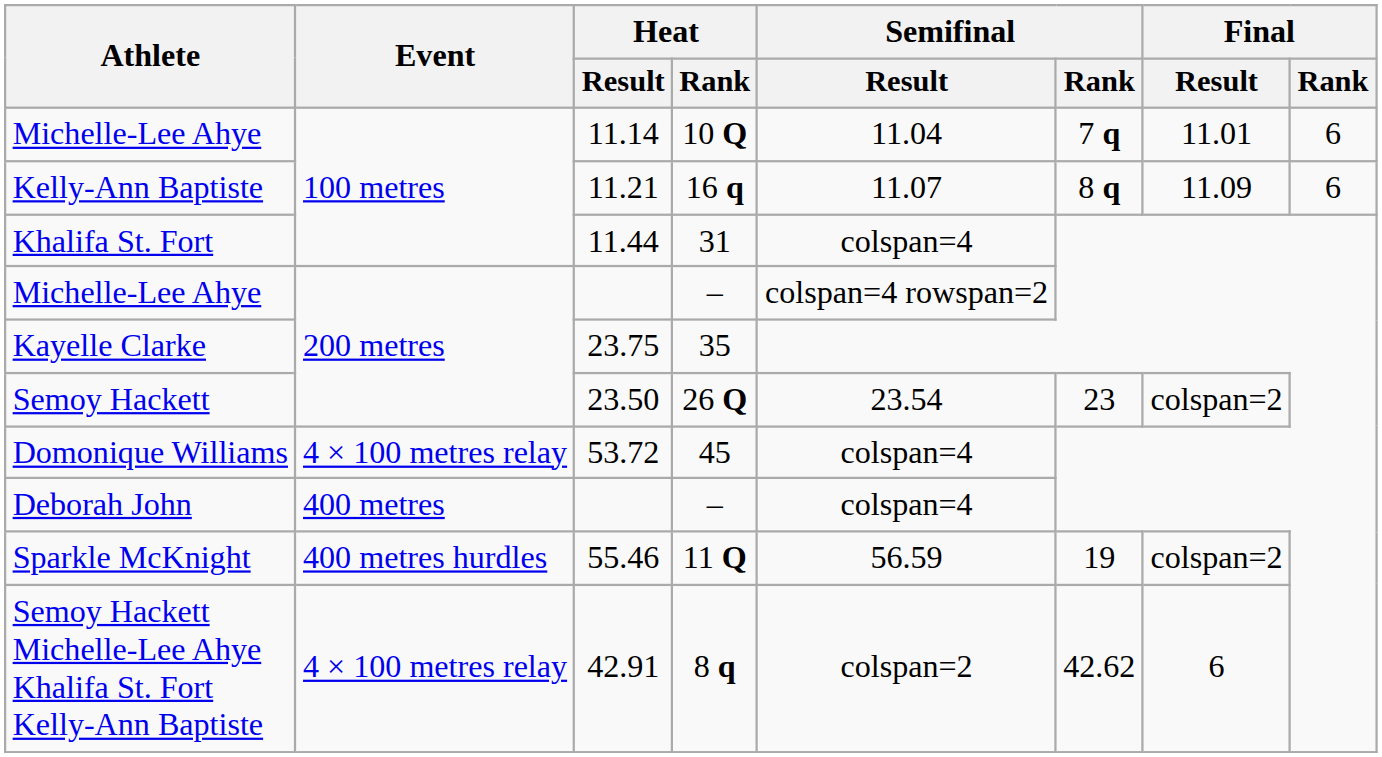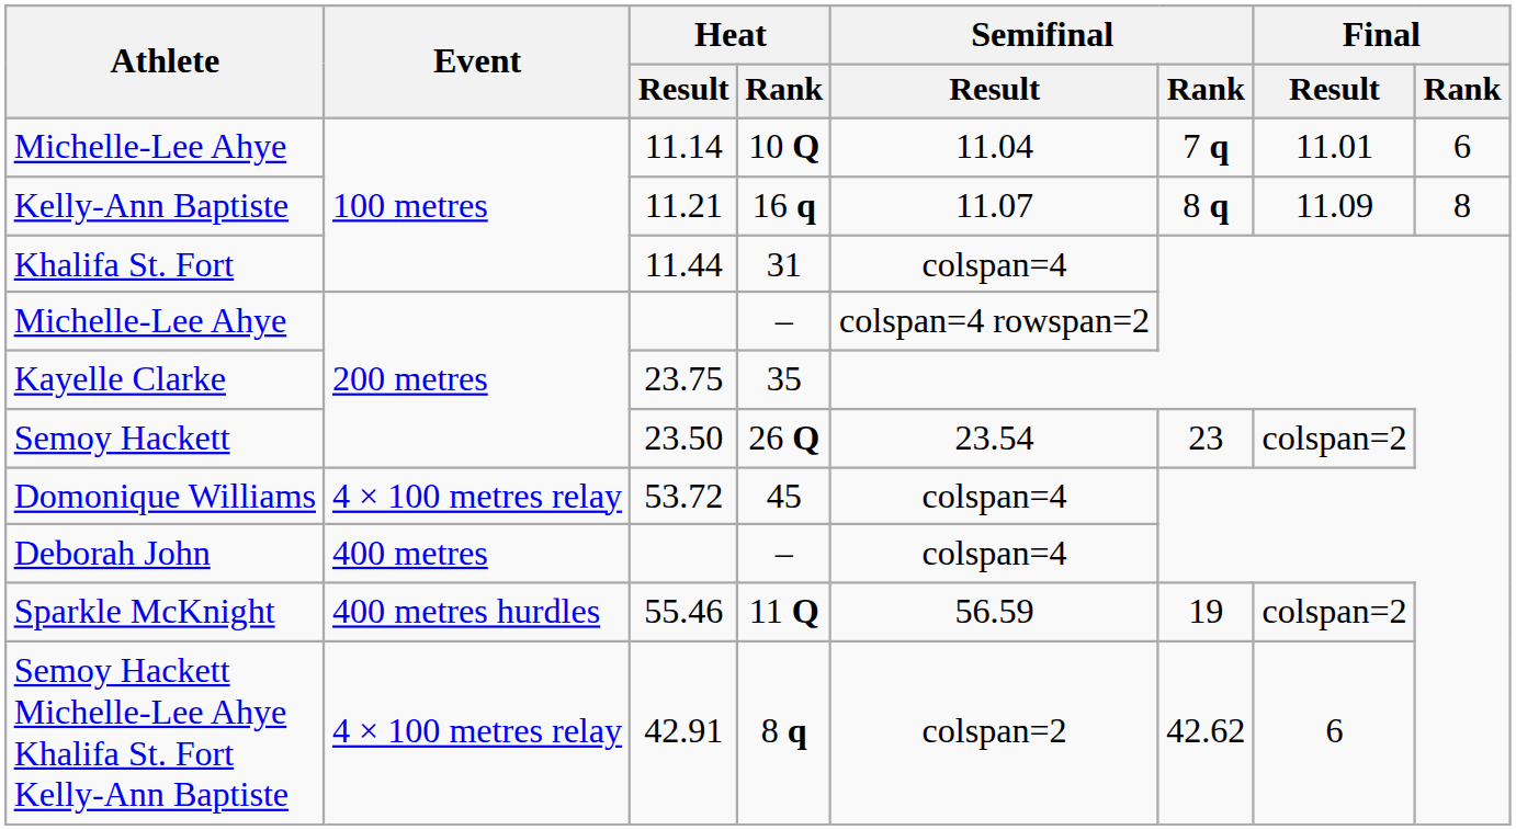 <table class=wikitable style=font-size:90%>
 <tr>
 <th rowspan=2>Athlete</th>
 <th rowspan=2>Event</th>
 <th colspan=2>Heat</th>
 <th colspan=2>Semifinal</th>
 <th colspan=2>Final</th>
 </tr>
 <tr style=font-size:95%>
 <th>Result</th>
 <th>Rank</th>
 <th>Result</th>
 <th>Rank</th>
 <th>Result</th>
 <th>Rank</th>
 </tr>
 <tr align=center>
 <td align=left><a href='#'>Michelle-Lee Ahye</a></td>
 <td align=left rowspan=3><a href='#'>100 metres</a></td>
 <td>11.14</td>
 <td>10 <strong>Q</strong></td>
 <td>11.04</td>
 <td>7 <strong>q</strong></td>
 <td>11.01</td>
 <td>6</td>
 </tr>
 <tr align=center>
 <td align=left><a href='#'>Kelly-Ann Baptiste</a></td>
 <td>11.21</td>
 <td>16 <strong>q</strong></td>
 <td>11.07</td>
 <td>8 <strong>q</strong></td>
 <td>11.09</td>
-<td>6</td>
+<td>8</td>
 </tr>
 <tr align=center>
 <td align=left><a href='#'>Khalifa St. Fort</a></td>
 <td>11.44</td>
 <td>31</td>
 <td>colspan=4 </td>
 </tr>
 <tr align=center>
 <td align=left><a href='#'>Michelle-Lee Ahye</a></td>
 <td align=left rowspan=3><a href='#'>200 metres</a></td>
 <td></td>
 <td>–</td>
 <td>colspan=4 rowspan=2 </td>
 </tr>
 <tr align=center>
 <td align=left><a href='#'>Kayelle Clarke</a></td>
 <td>23.75</td>
 <td>35</td>
 </tr>
 <tr align=center>
 <td align=left><a href='#'>Semoy Hackett</a></td>
 <td>23.50</td>
 <td>26 <strong>Q</strong></td>
 <td>23.54</td>
 <td>23</td>
 <td>colspan=2 </td>
 </tr>
 <tr align=center>
 <td align=left><a href='#'>Domonique Williams</a></td>
 <td align=left><a href='#'>4 × 100 metres relay</a></td>
 <td>53.72</td>
 <td>45</td>
 <td>colspan=4 </td>
 </tr>
 <tr align=center>
 <td align=left><a href='#'>Deborah John</a></td>
 <td align=left><a href='#'>400 metres</a></td>
 <td></td>
 <td>–</td>
 <td>colspan=4 </td>
 </tr>
 <tr align=center>
 <td align=left><a href='#'>Sparkle McKnight</a></td>
 <td align=left><a href='#'>400 metres hurdles</a></td>
 <td>55.46 <strong></strong></td>
 <td>11 <strong>Q</strong></td>
 <td>56.59</td>
 <td>19</td>
 <td>colspan=2 </td>
 </tr>
 <tr align=center>
 <td align=left><a href='#'>Semoy Hackett</a><br><a href='#'>Michelle-Lee Ahye</a><br><a href='#'>Khalifa St. Fort</a><br><a href='#'>Kelly-Ann Baptiste</a></td>
 <td align=left><a href='#'>4 × 100 metres relay</a></td>
 <td>42.91 <strong></strong></td>
 <td>8 <strong>q</strong></td>
 <td>colspan=2 </td>
 <td>42.62 <strong></strong></td>
 <td>6</td>
 </tr>
 </table>
